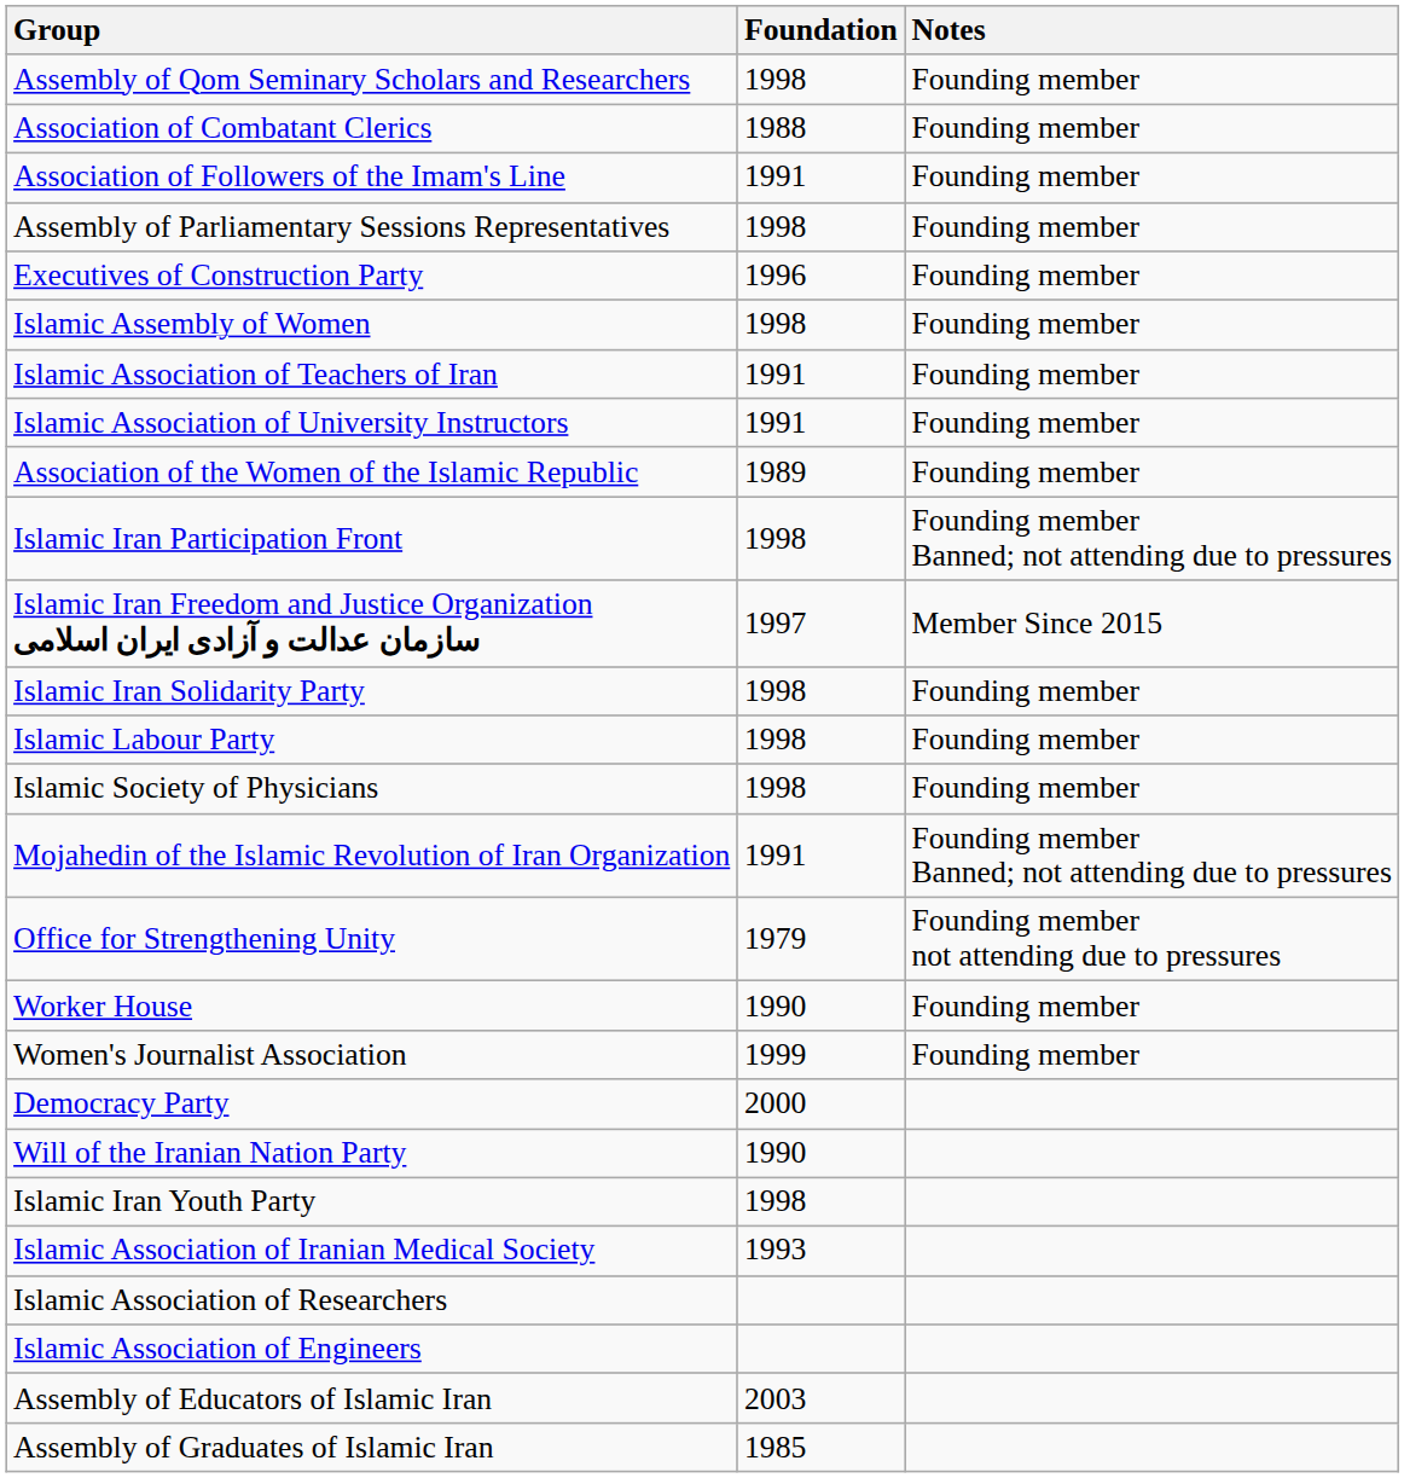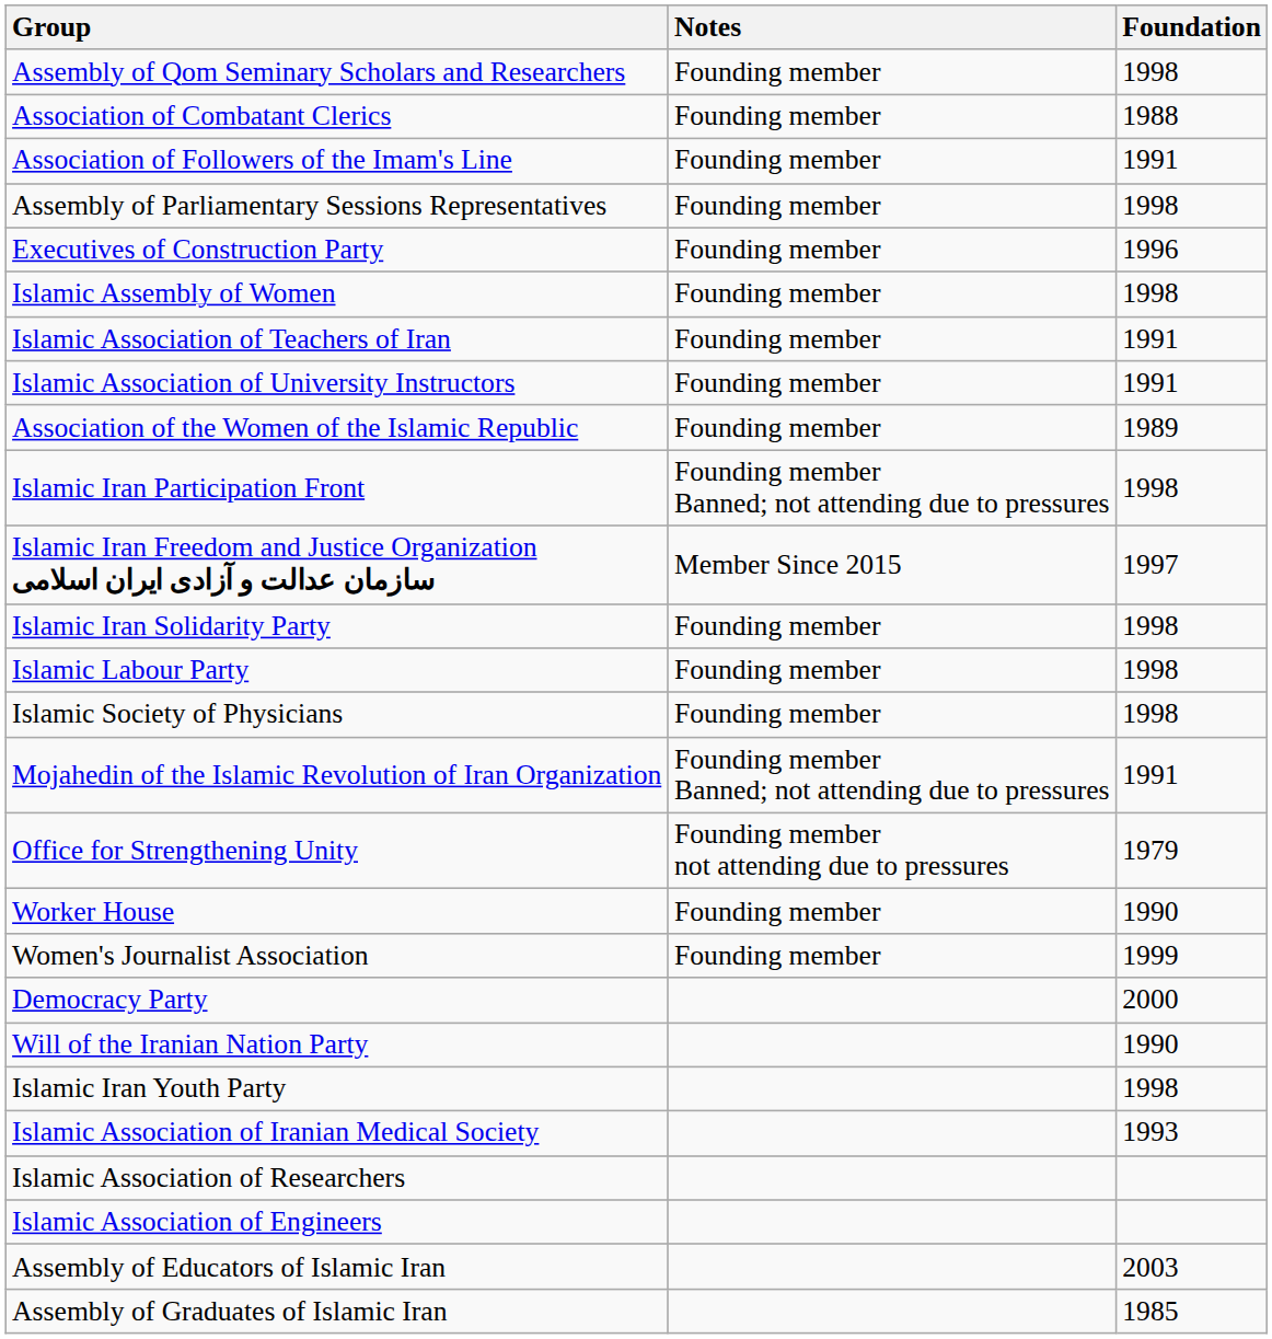 <table class="wikitable sortable" style="font-size:100%; margin:0 0 1.5em 1.5em;">
 <tr>
 <th style="text-align:left;">Group</th>
+<th style="text-align:left;">Notes</th>
 <th style="text-align:left;">Foundation</th>
-<th style="text-align:left;">Notes</th>
 </tr>
 <tr>
 <td><a href='#'>Assembly of Qom Seminary Scholars and Researchers</a><br></td>
+<td>Founding member</td>
 <td>1998</td>
-<td>Founding member</td>
 </tr>
 <tr>
 <td><a href='#'>Association of Combatant Clerics</a> <br></td>
+<td>Founding member</td>
 <td>1988</td>
-<td>Founding member</td>
 </tr>
 <tr>
 <td><a href='#'>Association of Followers of the Imam's Line</a><br></td>
+<td>Founding member</td>
 <td>1991</td>
-<td>Founding member</td>
 </tr>
 <tr>
 <td>Assembly of Parliamentary Sessions Representatives<br></td>
+<td>Founding member</td>
 <td>1998</td>
-<td>Founding member</td>
 </tr>
 <tr>
 <td><a href='#'>Executives of Construction Party</a><br></td>
+<td>Founding member</td>
 <td>1996</td>
-<td>Founding member</td>
 </tr>
 <tr>
 <td><a href='#'>Islamic Assembly of Women</a><br></td>
+<td>Founding member</td>
 <td>1998</td>
-<td>Founding member</td>
 </tr>
 <tr>
 <td><a href='#'>Islamic Association of Teachers of Iran</a><br></td>
+<td>Founding member</td>
 <td>1991</td>
-<td>Founding member</td>
 </tr>
 <tr>
 <td><a href='#'>Islamic Association of University Instructors</a><br></td>
+<td>Founding member</td>
 <td>1991</td>
-<td>Founding member</td>
 </tr>
 <tr>
 <td><a href='#'>Association of the Women of the Islamic Republic</a><br></td>
+<td>Founding member</td>
 <td>1989</td>
-<td>Founding member</td>
 </tr>
 <tr>
 <td><a href='#'>Islamic Iran Participation Front</a><br></td>
+<td>Founding member<br>Banned; not attending due to pressures</td>
 <td>1998</td>
-<td>Founding member<br>Banned; not attending due to pressures</td>
 </tr>
 <tr>
 <td><a href='#'>Islamic Iran Freedom and Justice Organization</a><br><strong>سازمان عدالت و آزادی ایران اسلامی</strong></td>
+<td>Member Since 2015</td>
 <td>1997</td>
-<td>Member Since 2015</td>
 </tr>
 <tr>
 <td><a href='#'>Islamic Iran Solidarity Party</a><br></td>
+<td>Founding member</td>
 <td>1998</td>
-<td>Founding member</td>
 </tr>
 <tr>
 <td><a href='#'>Islamic Labour Party</a><br></td>
+<td>Founding member</td>
 <td>1998</td>
-<td>Founding member</td>
 </tr>
 <tr>
 <td>Islamic Society of Physicians<br></td>
+<td>Founding member</td>
 <td>1998</td>
-<td>Founding member</td>
 </tr>
 <tr>
 <td><a href='#'>Mojahedin of the Islamic Revolution of Iran Organization</a><br></td>
+<td>Founding member<br>Banned; not attending due to pressures</td>
 <td>1991</td>
-<td>Founding member<br>Banned; not attending due to pressures</td>
 </tr>
 <tr>
 <td><a href='#'>Office for Strengthening Unity</a><br></td>
+<td>Founding member<br>not attending due to pressures</td>
 <td>1979</td>
-<td>Founding member<br>not attending due to pressures</td>
 </tr>
 <tr>
 <td><a href='#'>Worker House</a><br></td>
+<td>Founding member</td>
 <td>1990</td>
-<td>Founding member</td>
 </tr>
 <tr>
 <td>Women's Journalist Association<br></td>
+<td>Founding member</td>
 <td>1999</td>
-<td>Founding member</td>
 </tr>
 <tr>
 <td><a href='#'>Democracy Party</a><br></td>
+<td></td>
 <td>2000</td>
-<td></td>
 </tr>
 <tr>
 <td><a href='#'>Will of the Iranian Nation Party</a><br></td>
+<td></td>
 <td>1990</td>
-<td></td>
 </tr>
 <tr>
 <td>Islamic Iran Youth Party<br></td>
+<td></td>
 <td>1998</td>
-<td></td>
 </tr>
 <tr>
 <td><a href='#'>Islamic Association of Iranian Medical Society</a><br></td>
+<td></td>
 <td>1993</td>
-<td></td>
 </tr>
 <tr>
 <td>Islamic Association of Researchers<br></td>
 <td></td>
 <td></td>
 </tr>
 <tr>
 <td><a href='#'>Islamic Association of Engineers</a><br></td>
 <td></td>
 <td></td>
 </tr>
 <tr>
 <td>Assembly of Educators of Islamic Iran<br></td>
+<td></td>
 <td>2003</td>
-<td></td>
 </tr>
 <tr>
 <td>Assembly of Graduates of Islamic Iran<br></td>
+<td></td>
 <td>1985</td>
-<td></td>
 </tr>
 </table>
